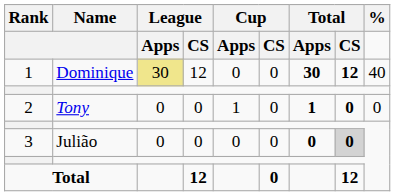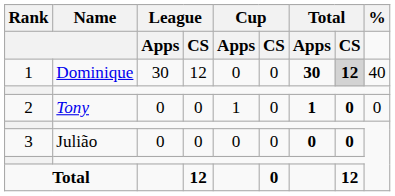 <table class="wikitable" style="text-align:center">
 <tr>
 <th>Rank</th>
 <th>Name</th>
 <th colspan=2>League</th>
 <th colspan=2>Cup</th>
 <th colspan=2>Total</th>
 <th>%</th>
 </tr>
 <tr>
 <th colspan=2></th>
 <th>Apps</th>
 <th>CS</th>
 <th>Apps</th>
 <th>CS</th>
 <th>Apps</th>
 <th>CS</th>
 </tr>
 <tr>
 <td>1</td>
 <td align="left"> <a href='#'>Dominique</a></td>
-<td style="background: khaki;">30</td>
+<td>30</td>
 <td>12</td>
 <td>0</td>
 <td>0</td>
 <td><strong>30</strong></td>
-<td><strong>12</strong></td>
+<td style="background: lightgrey;"><strong>12</strong></td>
 <td>40</td>
 </tr>
 <tr>
 <th></th>
 </tr>
 <tr>
 <td>2</td>
 <td align="left"> <em><a href='#'>Tony</a></em></td>
 <td>0</td>
 <td>0</td>
 <td>1</td>
 <td>0</td>
 <td><strong>1</strong></td>
 <td><strong>0</strong></td>
 <td>0</td>
 </tr>
 <tr>
 <th></th>
 </tr>
 <tr>
 <td>3</td>
 <td align="left"> Julião</td>
 <td>0</td>
 <td>0</td>
 <td>0</td>
 <td>0</td>
 <td><strong>0</strong></td>
-<td style="background: lightgrey;"><strong>0</strong></td>
+<td><strong>0</strong></td>
 </tr>
 <tr>
 <th></th>
 </tr>
 <tr>
 <td colspan=2><strong>Total</strong></td>
 <td></td>
 <td><strong>12</strong></td>
 <td></td>
 <td><strong>0</strong></td>
 <td></td>
 <td><strong>12</strong></td>
 </tr>
 </table>
